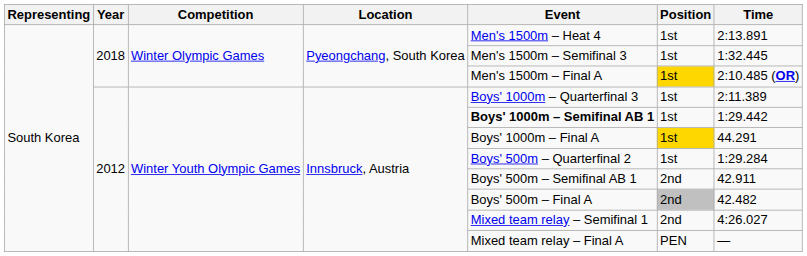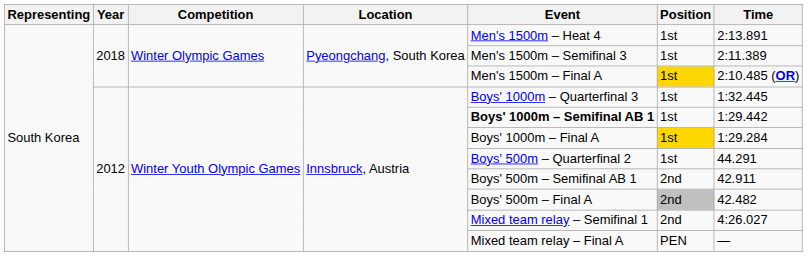 <table class="wikitable sortable">
 <tr>
 <th>Representing</th>
 <th>Year</th>
 <th>Competition</th>
 <th>Location</th>
 <th>Event</th>
 <th>Position</th>
 <th>Time</th>
 </tr>
 <tr>
 <td rowspan="11"> South Korea</td>
 <td rowspan="3">2018</td>
 <td rowspan="3"><a href='#'>Winter Olympic Games</a></td>
 <td rowspan="3"><a href='#'>Pyeongchang</a>, South Korea</td>
 <td><a href='#'>Men's 1500m</a> – Heat 4</td>
 <td>1st</td>
 <td>2:13.891</td>
 </tr>
 <tr>
 <td>Men's 1500m – Semifinal 3</td>
 <td>1st</td>
-<td>1:32.445</td>
+<td>2:11.389</td>
 </tr>
 <tr>
 <td>Men's 1500m – Final A</td>
 <td style="background:gold;">1st</td>
 <td>2:10.485 (<strong><a href='#'>OR</a></strong>)</td>
 </tr>
 <tr>
 <td rowspan="8">2012</td>
 <td rowspan="8"><a href='#'>Winter Youth Olympic Games</a></td>
 <td rowspan="8"><a href='#'>Innsbruck</a>, Austria</td>
 <td><a href='#'>Boys' 1000m</a> – Quarterfinal 3</td>
 <td>1st</td>
-<td>2:11.389</td>
+<td>1:32.445</td>
 </tr>
 <tr>
 <td><strong>Boys' 1000m – Semifinal AB 1</strong></td>
 <td>1st</td>
 <td>1:29.442</td>
 </tr>
 <tr>
 <td>Boys' 1000m – Final A</td>
 <td style="background:gold;">1st</td>
-<td>44.291</td>
+<td>1:29.284</td>
 </tr>
 <tr>
 <td><a href='#'>Boys' 500m</a> – Quarterfinal 2</td>
 <td>1st</td>
-<td>1:29.284</td>
+<td>44.291</td>
 </tr>
 <tr>
 <td>Boys' 500m – Semifinal AB 1</td>
 <td>2nd</td>
 <td>42.911</td>
 </tr>
 <tr>
 <td>Boys' 500m – Final A</td>
 <td style="background:silver;">2nd</td>
 <td>42.482</td>
 </tr>
 <tr>
 <td><a href='#'>Mixed team relay</a> – Semifinal 1</td>
 <td>2nd</td>
 <td>4:26.027</td>
 </tr>
 <tr>
 <td>Mixed team relay – Final A</td>
 <td>PEN</td>
 <td>—</td>
 </tr>
 </table>
